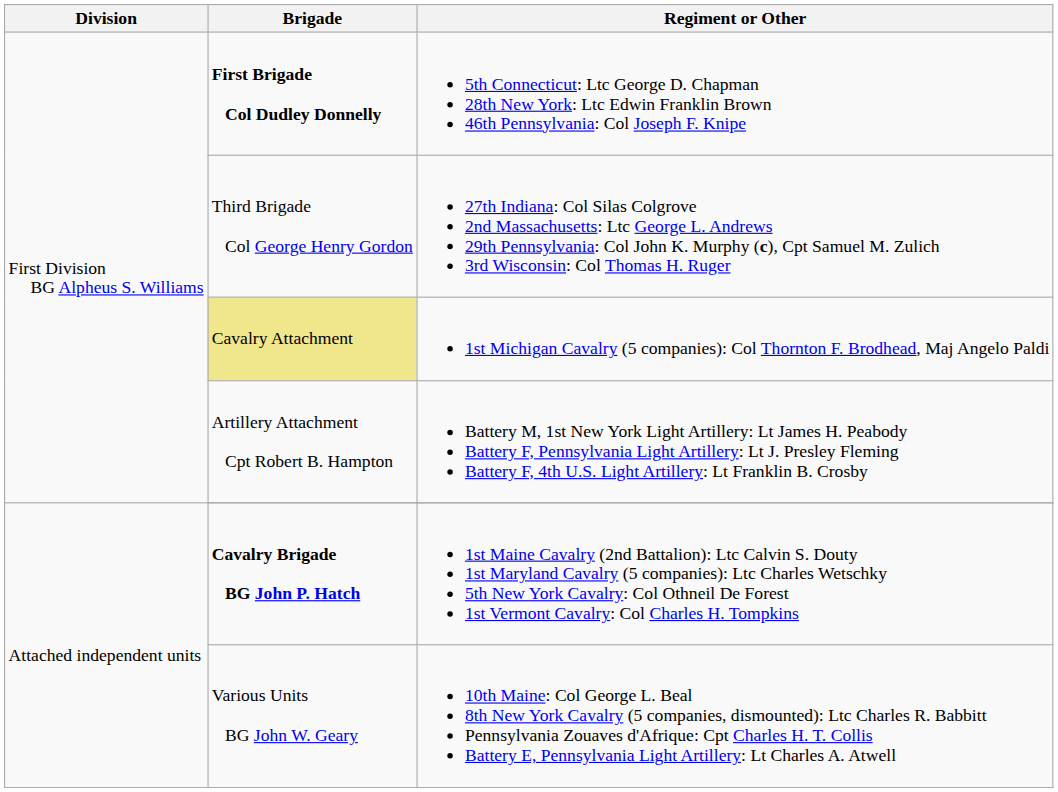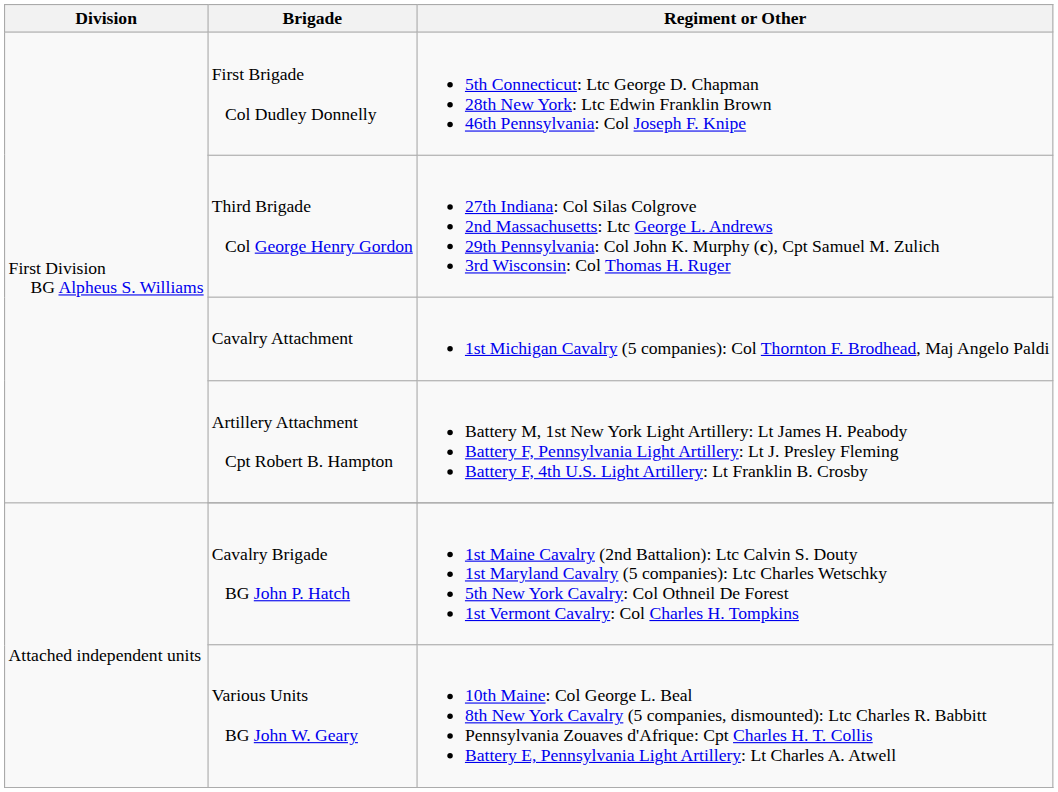 <table class="wikitable">
 <tr>
 <th>Division</th>
 <th>Brigade</th>
 <th>Regiment or Other</th>
 </tr>
 <tr>
 <td rowspan=4><br>First Division <br>     BG <a href='#'>Alpheus S. Williams</a></td>
-<td><strong>First Brigade<br><br>   Col Dudley Donnelly</strong></td>
+<td>First Brigade<br><br>   Col Dudley Donnelly</td>
 <td><br><ul><li><a href='#'>5th Connecticut</a>: Ltc George D. Chapman</li><li><a href='#'>28th New York</a>: Ltc Edwin Franklin Brown</li><li><a href='#'>46th Pennsylvania</a>: Col <a href='#'>Joseph F. Knipe</a></li></ul></td>
 </tr>
 <tr>
 <td>Third Brigade<br><br>   Col <a href='#'>George Henry Gordon</a></td>
 <td><br><ul><li><a href='#'>27th Indiana</a>: Col Silas Colgrove</li><li><a href='#'>2nd Massachusetts</a>: Ltc <a href='#'>George L. Andrews</a></li><li><a href='#'>29th Pennsylvania</a>: Col John K. Murphy (<strong>c</strong>), Cpt Samuel M. Zulich</li><li><a href='#'>3rd Wisconsin</a>: Col <a href='#'>Thomas H. Ruger</a></li></ul></td>
 </tr>
 <tr>
-<td style="background: khaki;">Cavalry Attachment</td>
+<td>Cavalry Attachment</td>
 <td><br><ul><li><a href='#'>1st Michigan Cavalry</a> (5 companies): Col <a href='#'>Thornton F. Brodhead</a>, Maj Angelo Paldi</li></ul></td>
 </tr>
 <tr>
 <td>Artillery Attachment<br><br>   Cpt Robert B. Hampton</td>
 <td><br><ul><li>Battery M, 1st New York Light Artillery: Lt James H. Peabody</li><li><a href='#'>Battery F, Pennsylvania Light Artillery</a>: Lt J. Presley Fleming</li><li><a href='#'>Battery F, 4th U.S. Light Artillery</a>: Lt Franklin B. Crosby</li></ul></td>
 </tr>
 <tr>
 <td rowspan=3><br>Attached independent units</td>
 </tr>
 <tr>
-<td><strong>Cavalry Brigade<br><br>   BG <a href='#'>John P. Hatch</a></strong></td>
+<td>Cavalry Brigade<br><br>   BG <a href='#'>John P. Hatch</a></td>
 <td><br><ul><li><a href='#'>1st Maine Cavalry</a> (2nd Battalion): Ltc Calvin S. Douty</li><li><a href='#'>1st Maryland Cavalry</a> (5 companies): Ltc Charles Wetschky</li><li><a href='#'>5th New York Cavalry</a>: Col Othneil De Forest</li><li><a href='#'>1st Vermont Cavalry</a>: Col <a href='#'>Charles H. Tompkins</a></li></ul></td>
 </tr>
 <tr>
 <td>Various Units<br><br>   BG <a href='#'>John W. Geary</a></td>
 <td><br><ul><li><a href='#'>10th Maine</a>: Col George L. Beal</li><li><a href='#'>8th New York Cavalry</a> (5 companies, dismounted): Ltc Charles R. Babbitt</li><li>Pennsylvania Zouaves d'Afrique: Cpt <a href='#'>Charles H. T. Collis</a></li><li><a href='#'>Battery E, Pennsylvania Light Artillery</a>: Lt Charles A. Atwell</li></ul></td>
 </tr>
 <tr>
 </tr>
 </table>
